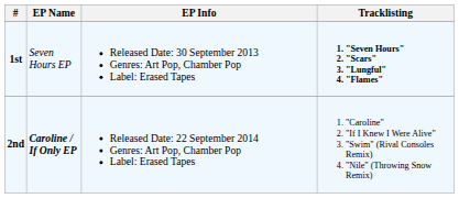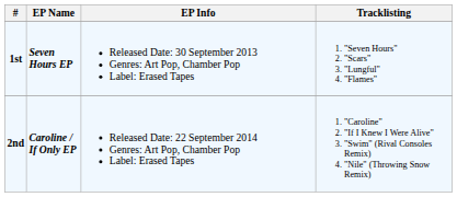 <table class="wikitable">
 <tr>
 <th align="left"width ="25px">#</th>
 <th align="left" width="75px">EP Name</th>
 <th align="left" width="350px">EP Info</th>
 <th align="left" width="200px">Tracklisting</th>
 </tr>
 <tr>
 </tr>
 <tr bgcolor="#F0F8FF">
 <td align="center"><strong>1st</strong></td>
-<td align="left"><em>Seven Hours EP</em></td>
+<td align="left"><strong><em>Seven Hours EP</em></strong></td>
 <td align="left"><br><ul><li>Released Date: 30 September 2013</li><li>Genres: Art Pop, Chamber Pop</li><li>Label: Erased Tapes</li></ul></td>
-<td align="left" style="font-size: 85%;"><strong><br><ol><li>"Seven Hours"</li><li>"Scars"</li><li>"Lungful"</li><li>"Flames"</li></ol></strong></td>
+<td align="left" style="font-size: 85%;"><br><ol><li>"Seven Hours"</li><li>"Scars"</li><li>"Lungful"</li><li>"Flames"</li></ol></td>
 </tr>
 <tr>
 </tr>
 <tr bgcolor="#F0F8FF">
 <td align="center"><strong>2nd</strong></td>
 <td align="left"><strong><em>Caroline / If Only EP</em></strong></td>
 <td align="left"><br><ul><li>Released Date: 22 September 2014</li><li>Genres: Art Pop, Chamber Pop</li><li>Label: Erased Tapes</li></ul></td>
 <td align="left" style="font-size: 85%;"><br><ol><li>"Caroline"</li><li>"If I Knew I Were Alive"</li><li>"Swim" (Rival Consoles Remix)</li><li>"Nile" (Throwing Snow Remix)</li></ol></td>
 </tr>
 </table>
